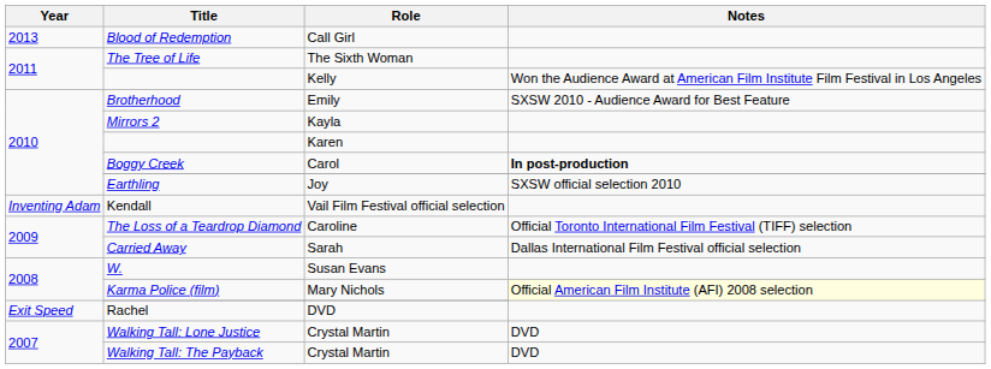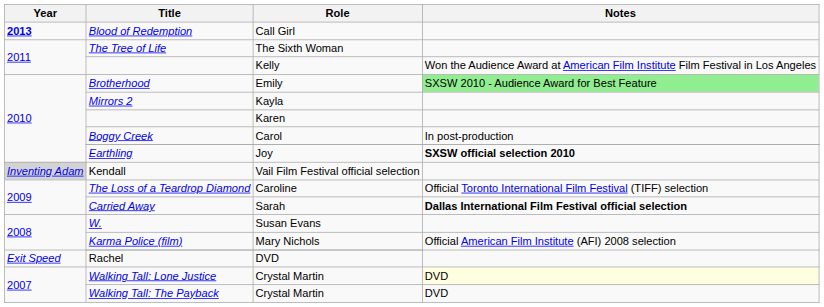 <table class="wikitable" style="font-size: 90%;">
 <tr>
 <th>Year</th>
 <th>Title</th>
 <th>Role</th>
 <th>Notes</th>
 </tr>
 <tr>
-<td><a href='#'>2013</a></td>
+<td><strong><a href='#'>2013</a></strong></td>
 <td><em><a href='#'>Blood of Redemption</a></em></td>
 <td>Call Girl</td>
 <td></td>
 </tr>
 <tr>
 <td rowspan=2><a href='#'>2011</a></td>
 <td><em><a href='#'>The Tree of Life</a></em></td>
 <td>The Sixth Woman</td>
 <td></td>
 </tr>
 <tr>
 <td><em></em></td>
 <td>Kelly</td>
 <td>Won the Audience Award at <a href='#'>American Film Institute</a> Film Festival in Los Angeles</td>
 </tr>
 <tr>
 <td rowspan=6><a href='#'>2010</a></td>
 <td><em><a href='#'>Brotherhood</a></em></td>
 <td>Emily</td>
-<td>SXSW 2010 - Audience Award for Best Feature</td>
+<td style="background: lightgreen;">SXSW 2010 - Audience Award for Best Feature</td>
 </tr>
 <tr>
 <td><em><a href='#'>Mirrors 2</a></em></td>
 <td>Kayla</td>
 <td></td>
 </tr>
 <tr>
 <td><em></em></td>
 <td>Karen</td>
 <td></td>
 </tr>
 <tr>
 <td><em><a href='#'>Boggy Creek</a></em></td>
 <td>Carol</td>
-<td><strong>In post-production</strong></td>
+<td>In post-production</td>
 </tr>
 <tr>
 </tr>
 <tr>
 <td><em><a href='#'>Earthling</a></em></td>
 <td>Joy</td>
-<td>SXSW official selection 2010</td>
+<td><strong>SXSW official selection 2010</strong></td>
 </tr>
 <tr>
-<td><em><a href='#'>Inventing Adam</a></em></td>
+<td style="background: lightgrey;"><em><a href='#'>Inventing Adam</a></em></td>
 <td>Kendall</td>
 <td>Vail Film Festival official selection</td>
 </tr>
 <tr>
 <td rowspan=2><a href='#'>2009</a></td>
 <td><em><a href='#'>The Loss of a Teardrop Diamond</a></em></td>
 <td>Caroline</td>
 <td>Official <a href='#'>Toronto International Film Festival</a> (TIFF) selection</td>
 </tr>
 <tr>
 <td><em><a href='#'>Carried Away</a></em></td>
 <td>Sarah</td>
-<td>Dallas International Film Festival official selection</td>
+<td><strong>Dallas International Film Festival official selection</strong></td>
 </tr>
 <tr>
 <td rowspan=3><a href='#'>2008</a></td>
 <td><em><a href='#'>W.</a></em></td>
 <td>Susan Evans</td>
 <td></td>
 </tr>
 <tr>
 <td><em><a href='#'>Karma Police (film)</a></em></td>
 <td>Mary Nichols</td>
-<td style="background: lightyellow;">Official <a href='#'>American Film Institute</a> (AFI) 2008 selection</td>
+<td>Official <a href='#'>American Film Institute</a> (AFI) 2008 selection</td>
 </tr>
 <tr>
 </tr>
 <tr>
 <td><em><a href='#'>Exit Speed</a></em></td>
 <td>Rachel</td>
 <td>DVD</td>
 </tr>
 <tr>
 <td rowspan=2><a href='#'>2007</a></td>
 <td><em><a href='#'>Walking Tall: Lone Justice</a></em></td>
 <td>Crystal Martin</td>
-<td>DVD</td>
+<td style="background: lightyellow;">DVD</td>
 </tr>
 <tr>
 <td><em><a href='#'>Walking Tall: The Payback</a></em></td>
 <td>Crystal Martin</td>
 <td>DVD</td>
 </tr>
 </table>
